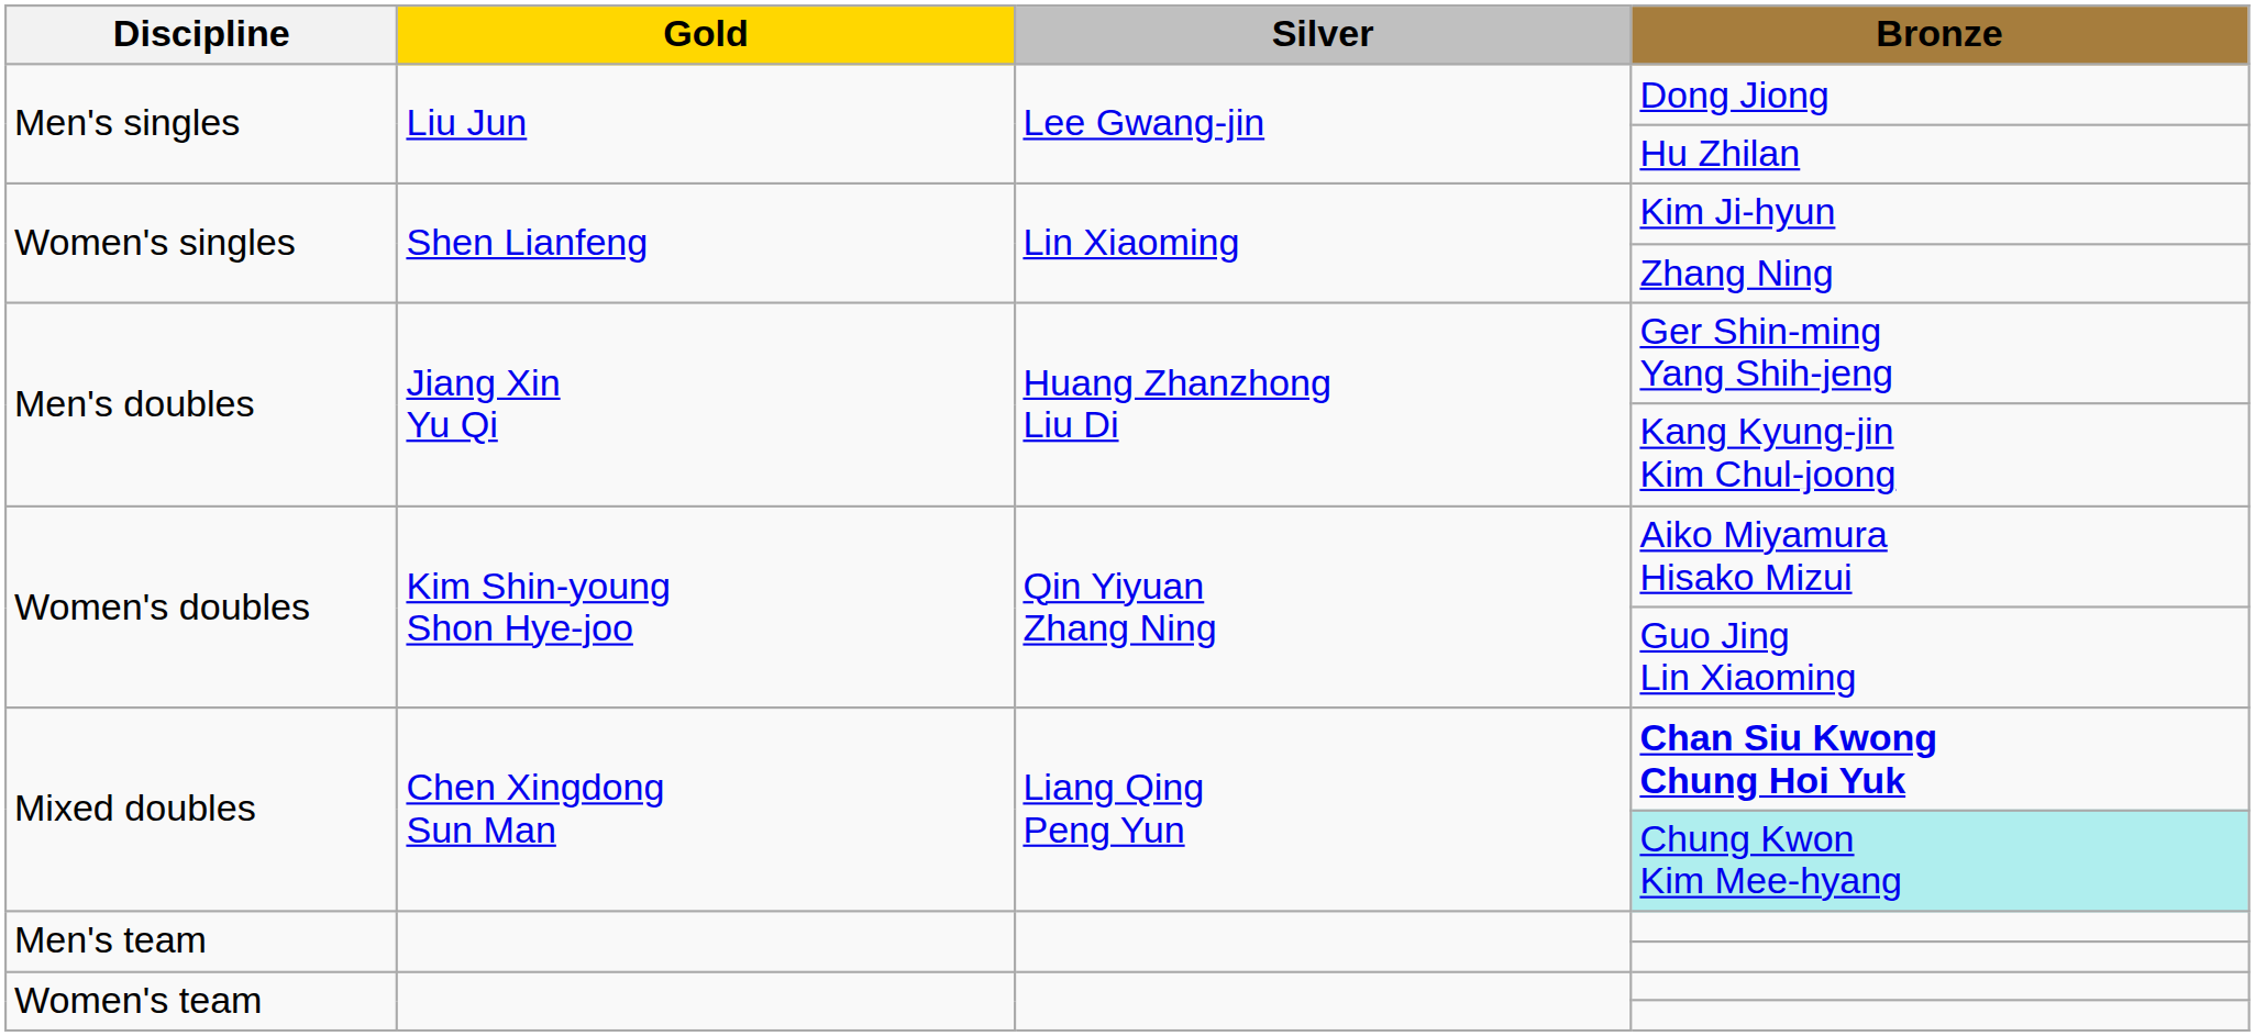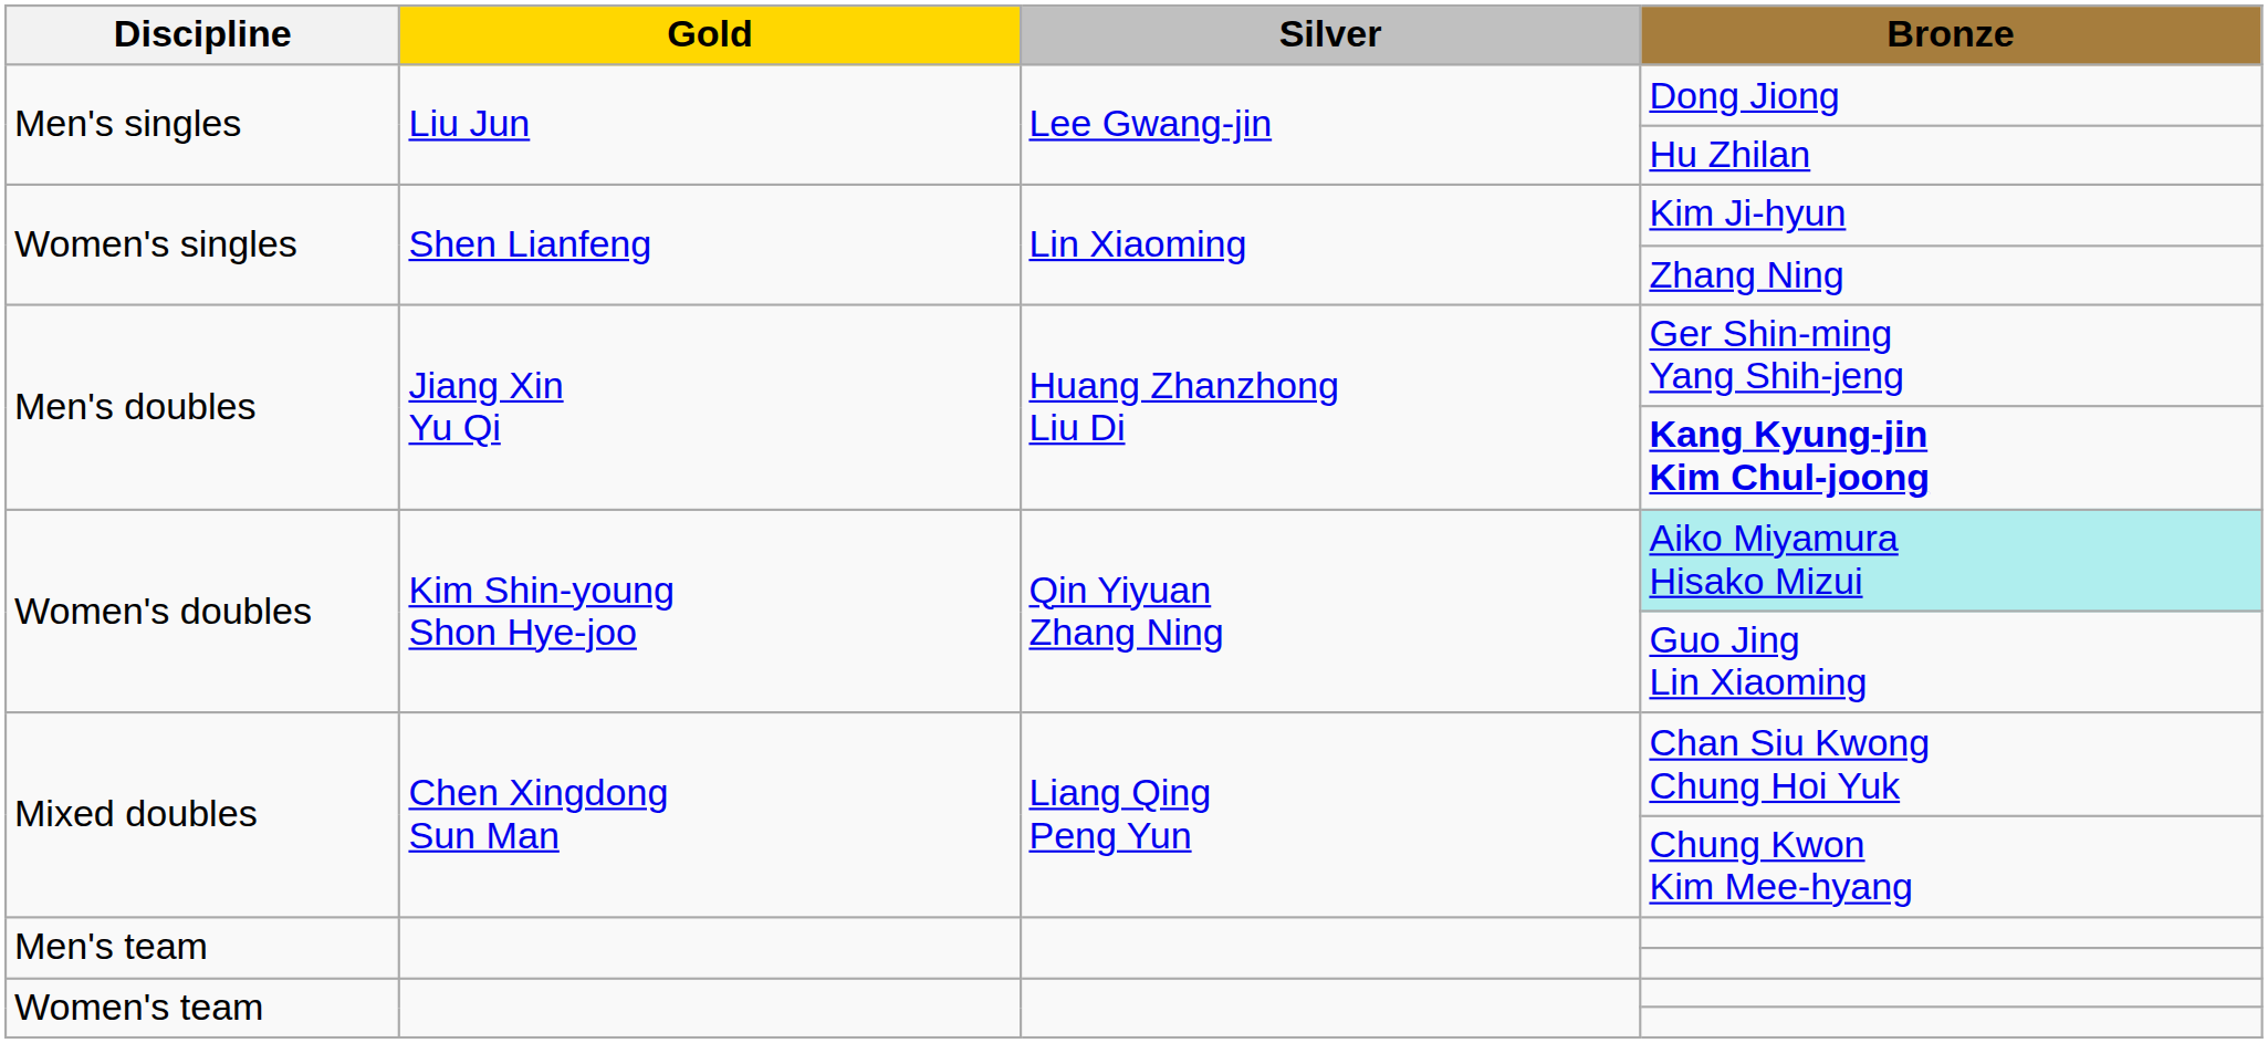 <table class="wikitable">
 <tr>
 <th style="width:10em;">Discipline</th>
 <th style="background:gold; width:16em;">Gold</th>
 <th style="background:silver; width:16em;">Silver</th>
 <th style="background:#A67D3D; width:16em;">Bronze</th>
 </tr>
 <tr>
 <td rowspan="2">Men's singles</td>
 <td rowspan="2"> <a href='#'>Liu Jun</a></td>
 <td rowspan="2"> <a href='#'>Lee Gwang-jin</a></td>
 <td> <a href='#'>Dong Jiong</a></td>
 </tr>
 <tr>
 <td> <a href='#'>Hu Zhilan</a></td>
 </tr>
 <tr>
 <td rowspan="2">Women's singles</td>
 <td rowspan="2"> <a href='#'>Shen Lianfeng</a></td>
 <td rowspan="2"> <a href='#'>Lin Xiaoming</a></td>
 <td> <a href='#'>Kim Ji-hyun</a></td>
 </tr>
 <tr>
 <td> <a href='#'>Zhang Ning</a></td>
 </tr>
 <tr>
 <td rowspan="2">Men's doubles</td>
 <td rowspan="2"> <a href='#'>Jiang Xin</a><br>  <a href='#'>Yu Qi</a></td>
 <td rowspan="2"> <a href='#'>Huang Zhanzhong</a><br>  <a href='#'>Liu Di</a></td>
 <td> <a href='#'>Ger Shin-ming</a><br>  <a href='#'>Yang Shih-jeng</a></td>
 </tr>
 <tr>
-<td> <a href='#'>Kang Kyung-jin</a><br>  <a href='#'>Kim Chul-joong</a></td>
+<td><strong> <a href='#'>Kang Kyung-jin</a><br>  <a href='#'>Kim Chul-joong</a></strong></td>
 </tr>
 <tr>
 <td rowspan="2">Women's doubles</td>
 <td rowspan="2"> <a href='#'>Kim Shin-young</a><br>  <a href='#'>Shon Hye-joo</a></td>
 <td rowspan="2"> <a href='#'>Qin Yiyuan</a><br>  <a href='#'>Zhang Ning</a></td>
-<td> <a href='#'>Aiko Miyamura</a><br>  <a href='#'>Hisako Mizui</a></td>
+<td style="background: paleturquoise;"> <a href='#'>Aiko Miyamura</a><br>  <a href='#'>Hisako Mizui</a></td>
 </tr>
 <tr>
 <td> <a href='#'>Guo Jing</a><br>  <a href='#'>Lin Xiaoming</a></td>
 </tr>
 <tr>
 <td rowspan="2">Mixed doubles</td>
 <td rowspan="2"> <a href='#'>Chen Xingdong</a><br>  <a href='#'>Sun Man</a></td>
 <td rowspan="2"> <a href='#'>Liang Qing</a><br>  <a href='#'>Peng Yun</a></td>
-<td><strong> <a href='#'>Chan Siu Kwong</a><br>  <a href='#'>Chung Hoi Yuk</a></strong></td>
+<td> <a href='#'>Chan Siu Kwong</a><br>  <a href='#'>Chung Hoi Yuk</a></td>
 </tr>
 <tr>
-<td style="background: paleturquoise;"> <a href='#'>Chung Kwon</a><br>  <a href='#'>Kim Mee-hyang</a></td>
+<td> <a href='#'>Chung Kwon</a><br>  <a href='#'>Kim Mee-hyang</a></td>
 </tr>
 <tr>
 <td rowspan="2">Men's team</td>
 <td rowspan="2"></td>
 <td rowspan="2"></td>
 <td></td>
 </tr>
 <tr>
 <td></td>
 </tr>
 <tr>
 <td rowspan="2">Women's team</td>
 <td rowspan="2"></td>
 <td rowspan="2"></td>
 <td></td>
 </tr>
 <tr>
 <td></td>
 </tr>
 </table>
